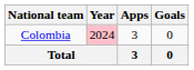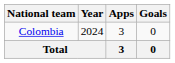 <table class="wikitable" style="text-align:center">
 <tr>
 <th>National team</th>
 <th>Year</th>
 <th>Apps</th>
 <th>Goals</th>
 </tr>
 <tr>
 <td rowspan="1"><a href='#'>Colombia</a></td>
-<td style="background: pink;">2024</td>
+<td>2024</td>
 <td>3</td>
 <td>0</td>
 </tr>
 <tr>
 <th colspan="2">Total</th>
 <th>3</th>
 <th>0</th>
 </tr>
 </table>
